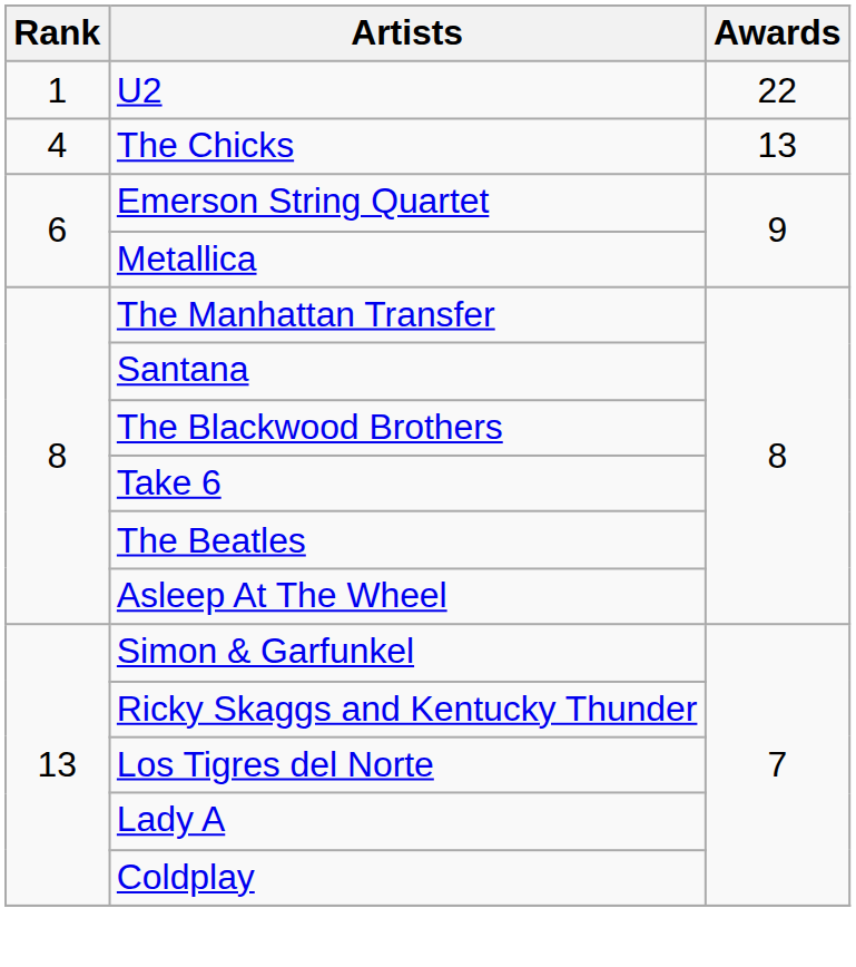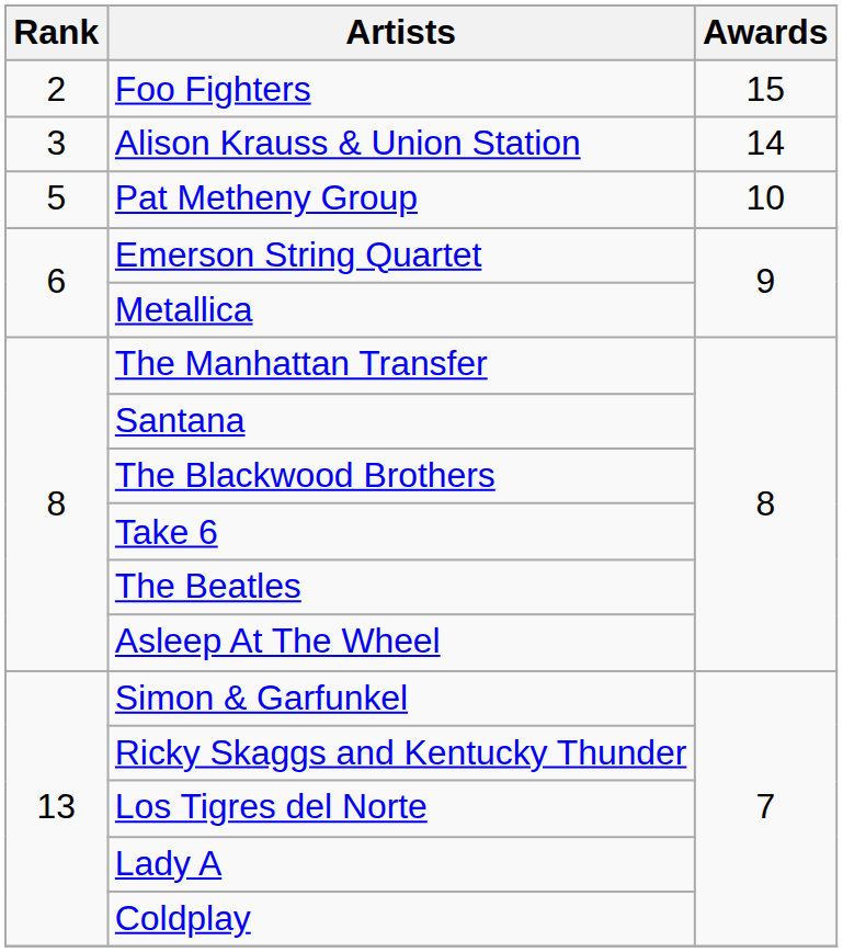 <table class="wikitable" style="text-align: center; cellpadding: 2;">
 <tr>
 <th>Rank</th>
 <th>Artists</th>
 <th>Awards</th>
 </tr>
 <tr>
-<td>1</td>
-<td style="text-align: left;"><a href='#'>U2</a></td>
-<td>22</td>
+<td>2</td>
+<td style="text-align: left;"><a href='#'>Foo Fighters</a></td>
+<td>15</td>
 </tr>
 <tr>
-<td>4</td>
-<td style="text-align: left;"><a href='#'>The Chicks</a></td>
-<td>13</td>
+<td>3</td>
+<td style="text-align: left;"><a href='#'>Alison Krauss & Union Station</a></td>
+<td>14</td>
+</tr>
+<tr>
+<td>5</td>
+<td style="text-align: left;"><a href='#'>Pat Metheny Group</a></td>
+<td>10</td>
 </tr>
 <tr>
 <td rowspan="2">6</td>
 <td style="text-align: left;"><a href='#'>Emerson String Quartet</a></td>
 <td rowspan="2">9</td>
 </tr>
 <tr>
 <td style="text-align: left;"><a href='#'>Metallica</a></td>
 </tr>
 <tr>
 <td rowspan="6">8</td>
 <td style="text-align: left;"><a href='#'>The Manhattan Transfer</a></td>
 <td rowspan="6">8</td>
 </tr>
 <tr>
 <td style="text-align: left;"><a href='#'>Santana</a></td>
 </tr>
 <tr>
 <td style="text-align: left;"><a href='#'>The Blackwood Brothers</a></td>
 </tr>
 <tr>
 <td style="text-align: left;"><a href='#'>Take 6</a></td>
 </tr>
 <tr>
 <td style="text-align: left;"><a href='#'>The Beatles</a></td>
 </tr>
 <tr>
 <td style="text-align: left;"><a href='#'>Asleep At The Wheel</a></td>
 </tr>
 <tr>
 <td rowspan="5">13</td>
 <td style="text-align: left;"><a href='#'>Simon & Garfunkel</a></td>
 <td rowspan="5">7</td>
 </tr>
 <tr>
 <td style="text-align: left;"><a href='#'>Ricky Skaggs and Kentucky Thunder</a></td>
 </tr>
 <tr>
 <td style="text-align: left;"><a href='#'>Los Tigres del Norte</a></td>
 </tr>
 <tr>
 <td style="text-align: left;"><a href='#'>Lady A</a></td>
 </tr>
 <tr>
 <td style="text-align: left;"><a href='#'>Coldplay</a></td>
 </tr>
 <tr>
 </tr>
 </table>
